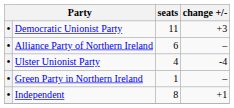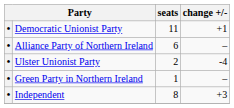 <table class="wikitable" style="font-size: 95%;">
 <tr>
 <th colspan=2>Party</th>
 <th>seats</th>
 <th>change +/-</th>
 </tr>
 <tr>
 <th style="background-color: "><span>•</span></th>
 <td><a href='#'>Democratic Unionist Party</a></td>
 <td align="right">11</td>
-<td align="right">+3</td>
+<td align="right">+1</td>
 </tr>
 <tr>
 <th style="background-color: "><span>•</span></th>
 <td><a href='#'>Alliance Party of Northern Ireland</a></td>
 <td align="right">6</td>
 <td align="right">–</td>
 </tr>
 <tr>
 <th style="background-color: "><span>•</span></th>
 <td><a href='#'>Ulster Unionist Party</a></td>
-<td align="right">4</td>
+<td align="right">2</td>
 <td align="right">-4</td>
 </tr>
 <tr>
 <th style="background-color: "><span>•</span></th>
 <td><a href='#'>Green Party in Northern Ireland</a></td>
 <td align="right">1</td>
 <td align="right">–</td>
 </tr>
 <tr>
 <th style="background-color: "><span>•</span></th>
 <td><a href='#'>Independent</a></td>
 <td align="right">8</td>
-<td align="right">+1</td>
+<td align="right">+3</td>
 </tr>
 <tr>
 </tr>
 </table>
